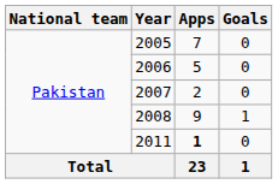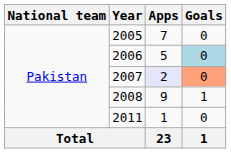 <table class="wikitable" style="text-align:center">
 <tr>
 <th>National team</th>
 <th>Year</th>
 <th>Apps</th>
 <th>Goals</th>
 </tr>
 <tr>
 <td rowspan="5"><a href='#'>Pakistan</a></td>
 <td>2005</td>
 <td>7</td>
 <td>0</td>
 </tr>
 <tr>
 <td>2006</td>
 <td>5</td>
-<td>0</td>
+<td style="background: lightblue;">0</td>
 </tr>
 <tr>
 <td>2007</td>
-<td>2</td>
-<td>0</td>
+<td style="background: lavender;">2</td>
+<td style="background: lightsalmon;">0</td>
 </tr>
 <tr>
 <td>2008</td>
 <td>9</td>
 <td>1</td>
 </tr>
 <tr>
 <td>2011</td>
-<td><strong>1</strong></td>
+<td>1</td>
 <td>0</td>
 </tr>
 <tr>
 <th colspan="2">Total</th>
 <th>23</th>
 <th>1</th>
 </tr>
 </table>
